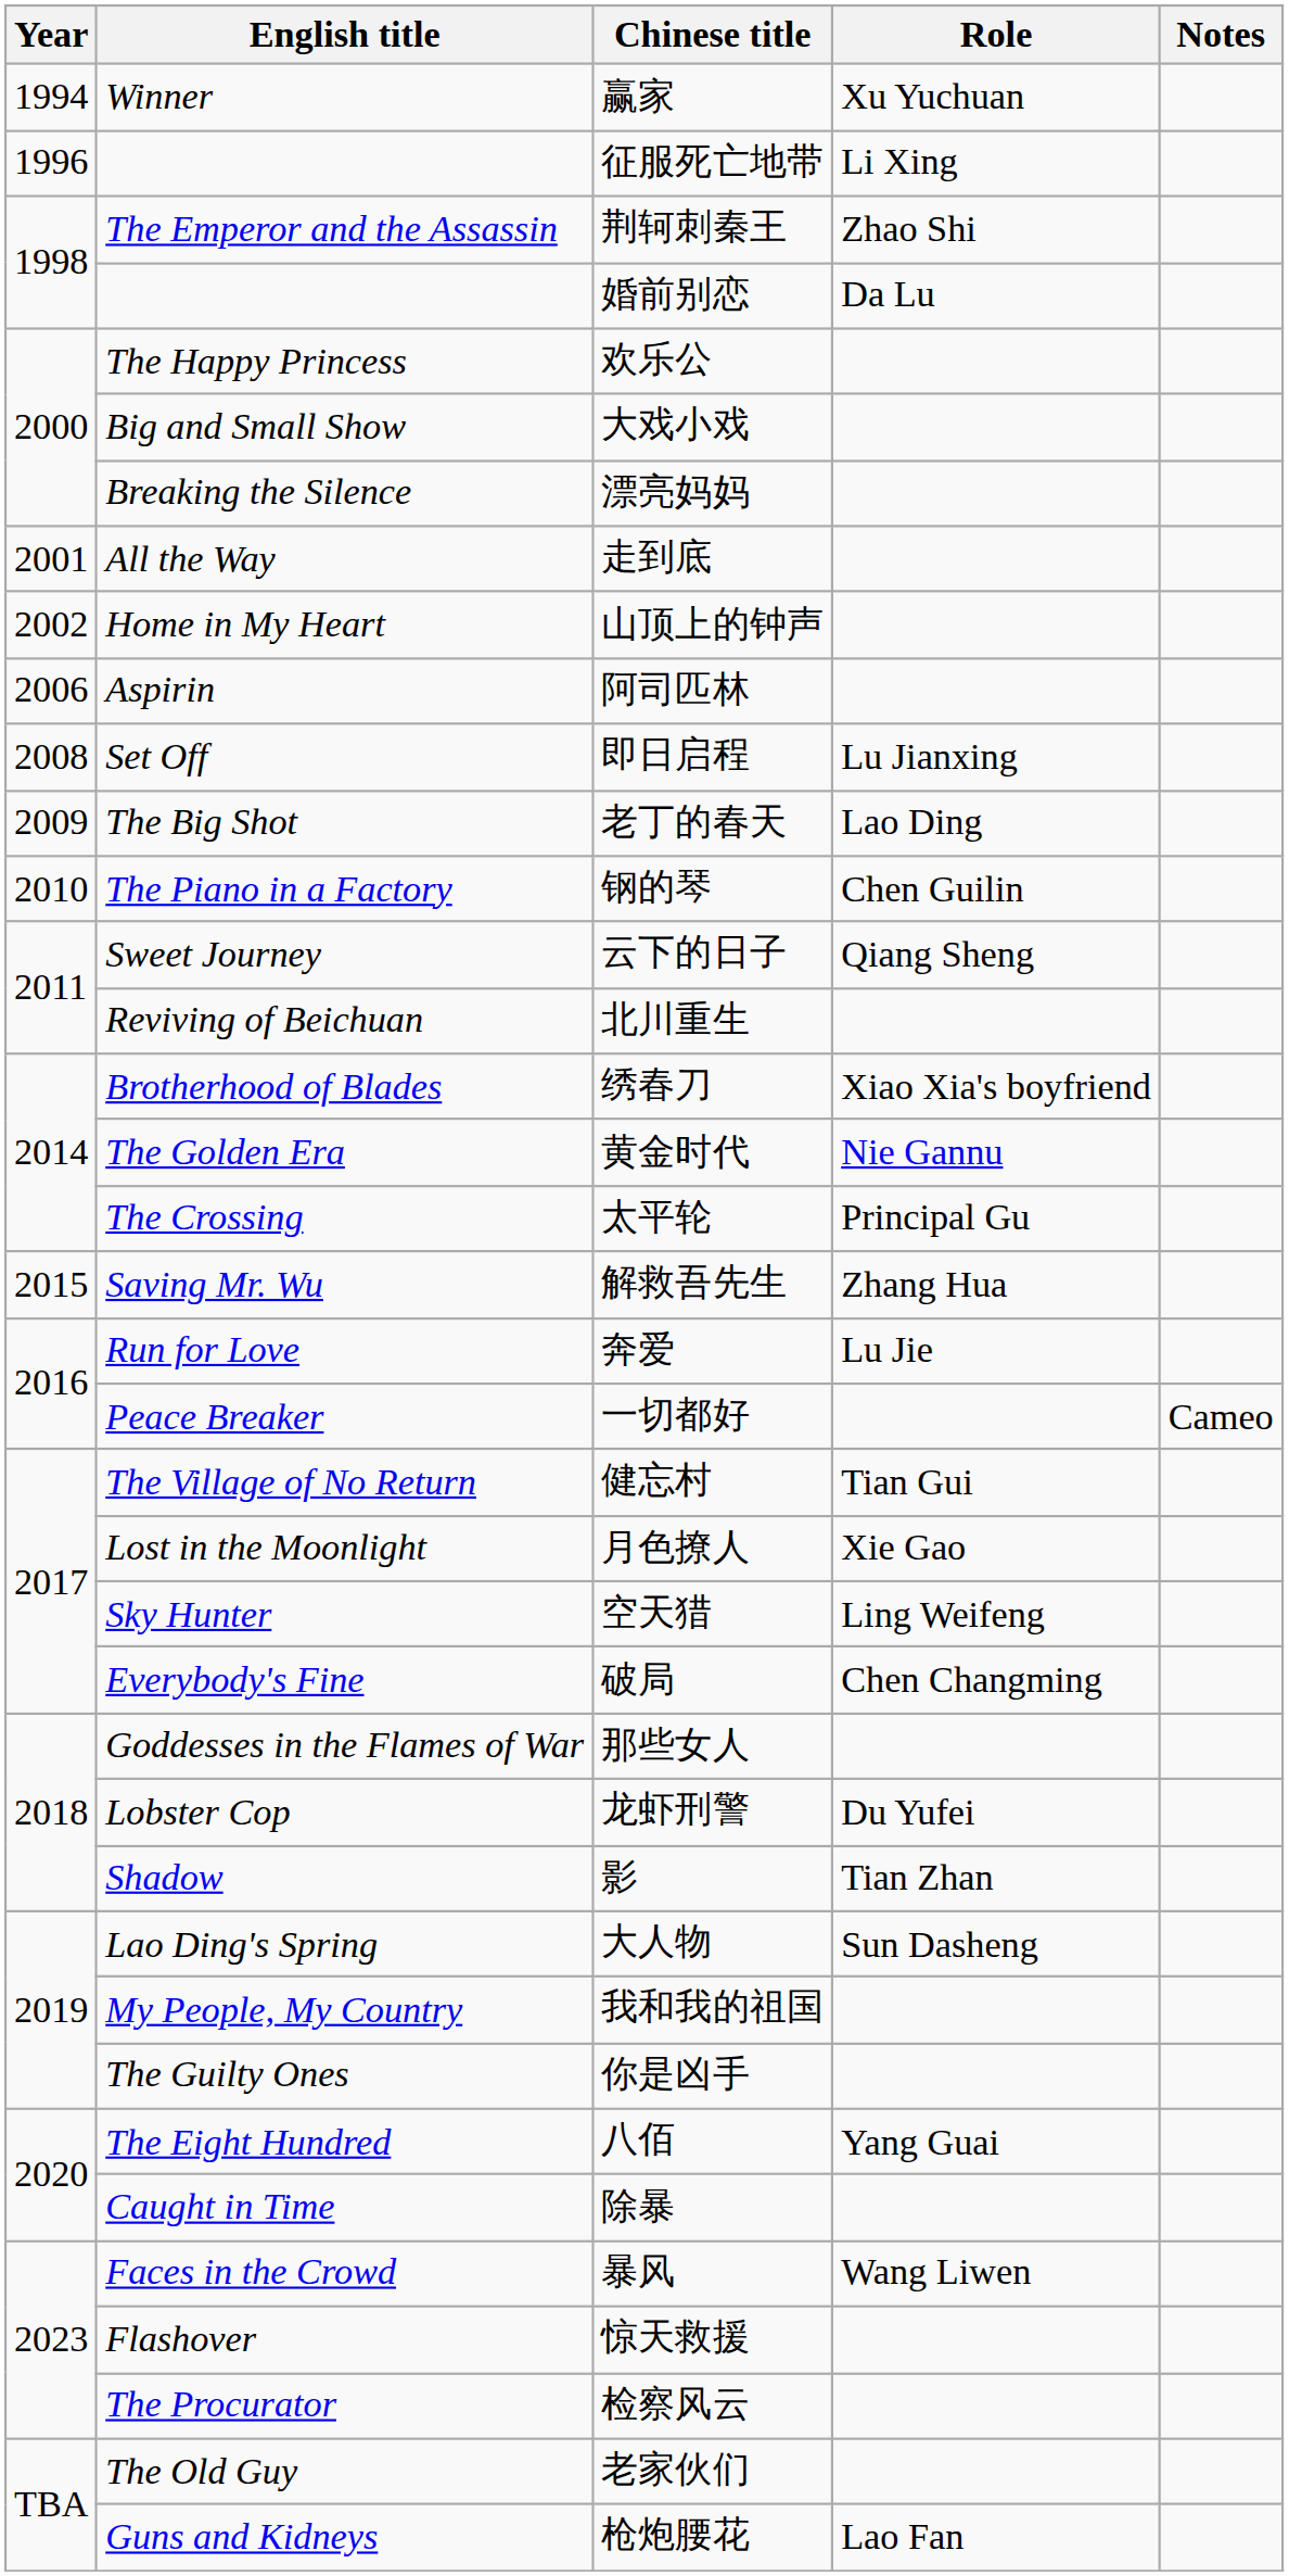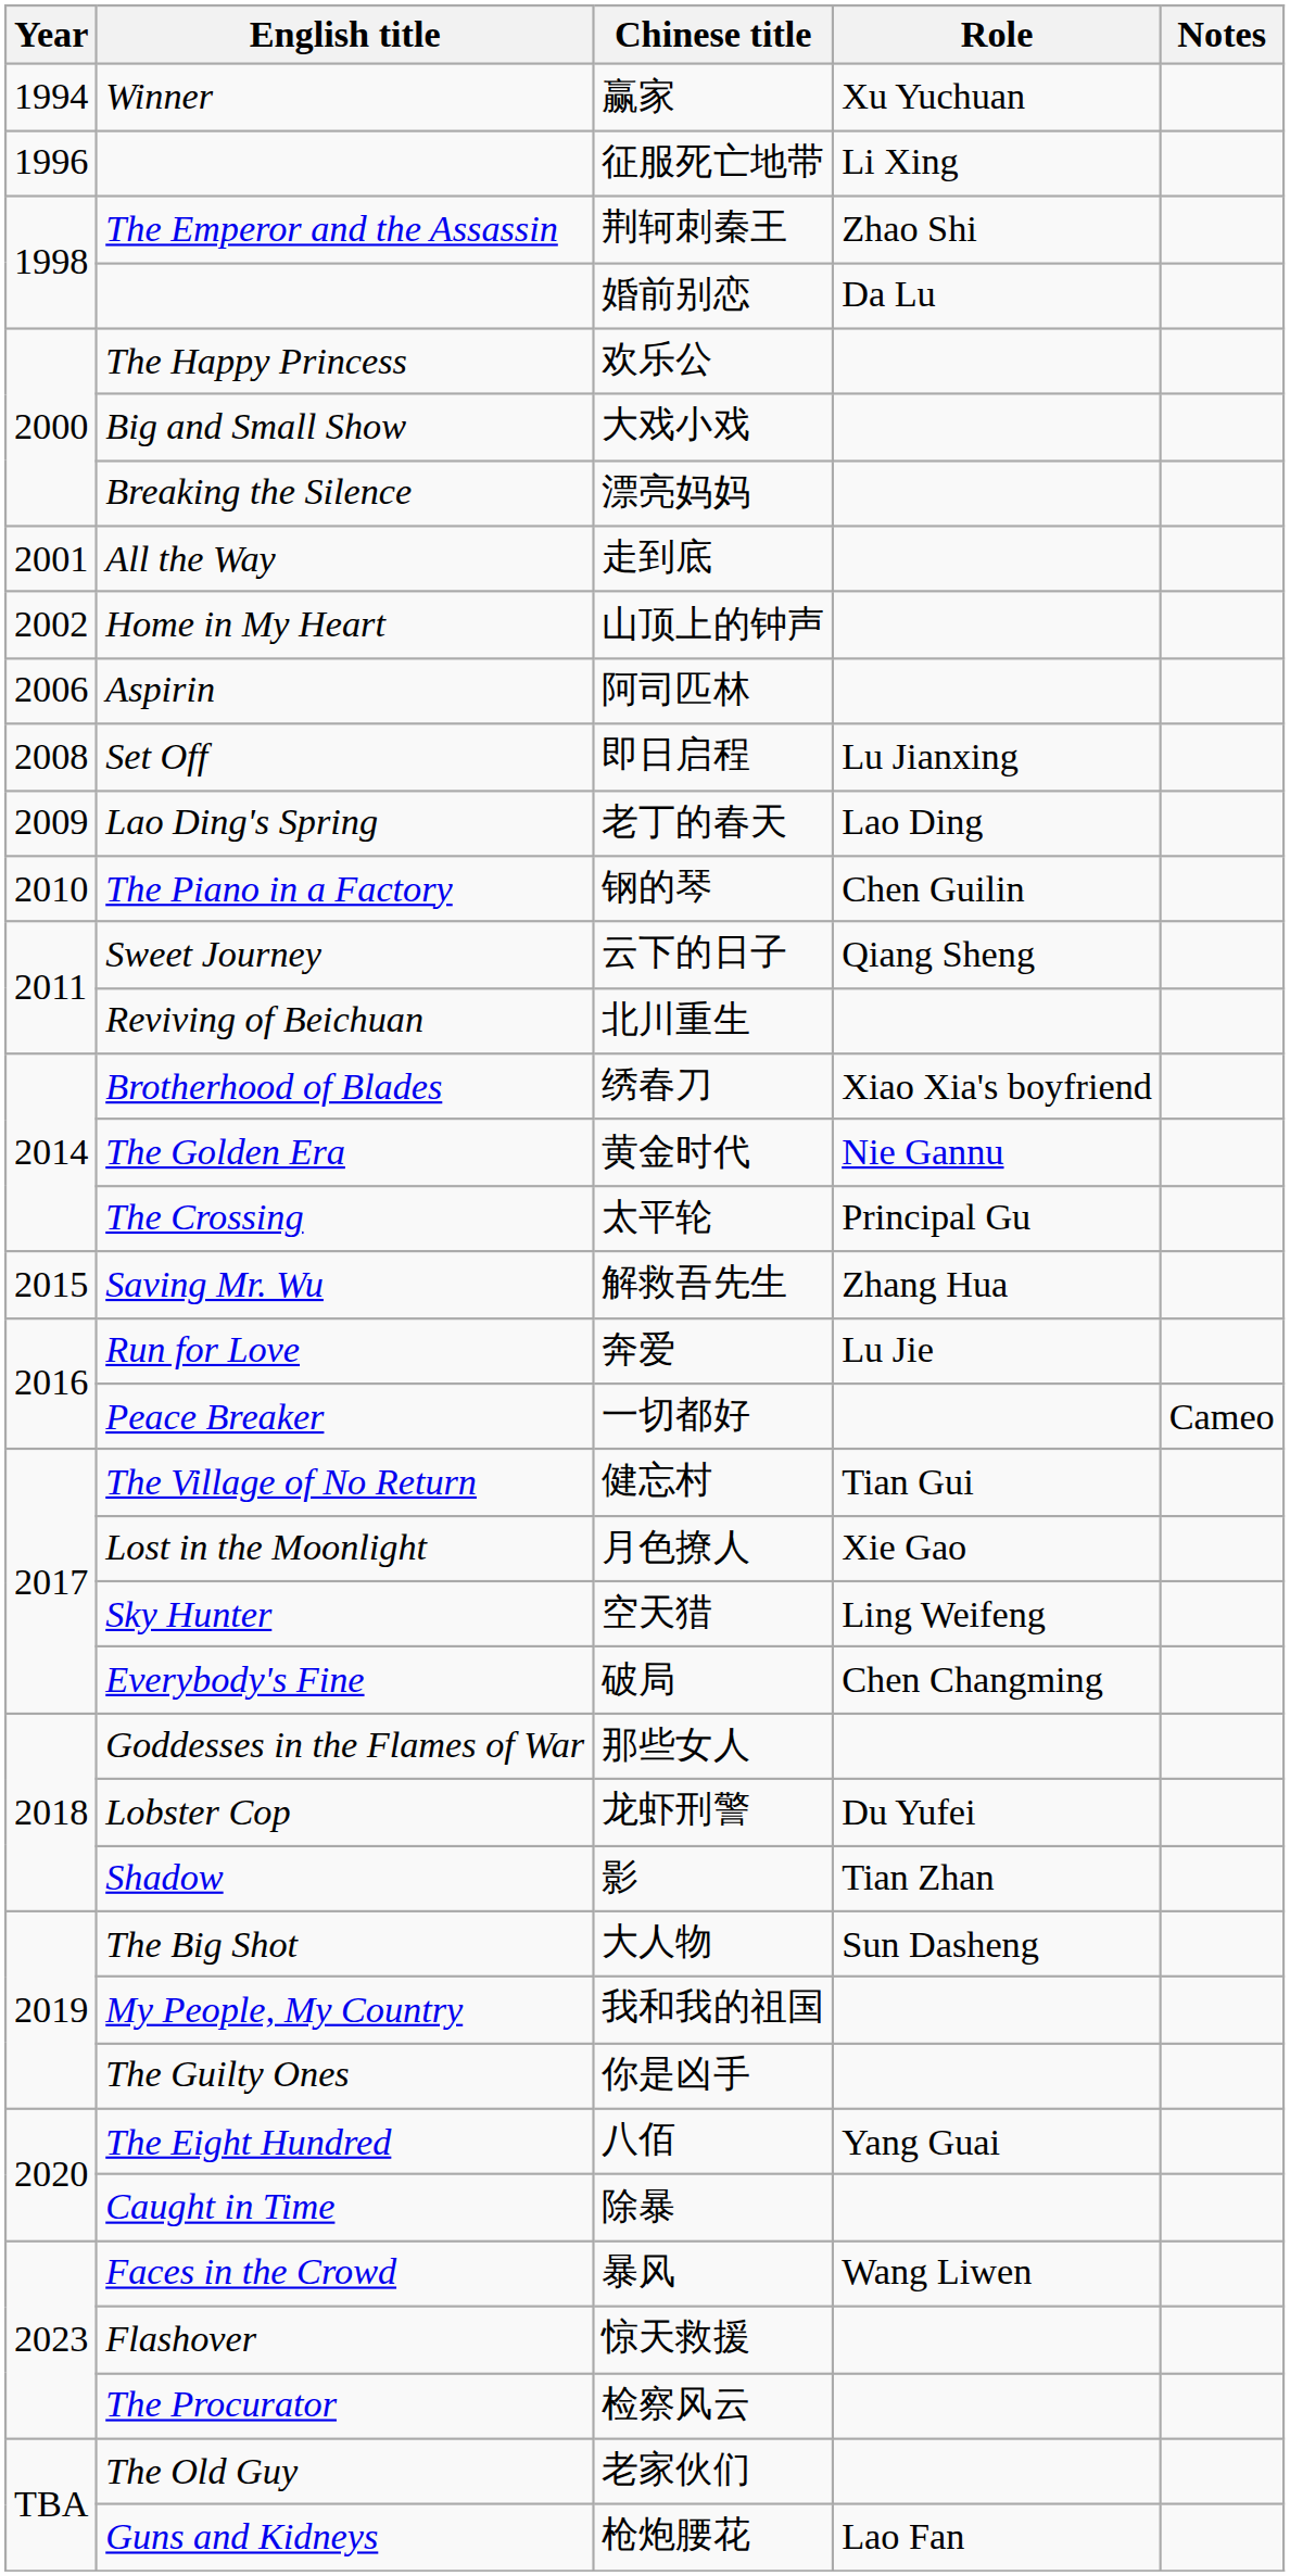 <table class="wikitable sortable">
 <tr>
 <th>Year</th>
 <th>English title</th>
 <th>Chinese title</th>
 <th>Role</th>
 <th>Notes</th>
 </tr>
 <tr>
 <td>1994</td>
 <td><em>Winner</em></td>
 <td>赢家</td>
 <td>Xu Yuchuan</td>
 <td></td>
 </tr>
 <tr>
 <td>1996</td>
 <td></td>
 <td>征服死亡地带</td>
 <td>Li Xing</td>
 <td></td>
 </tr>
 <tr>
 <td rowspan=2>1998</td>
 <td><em><a href='#'>The Emperor and the Assassin</a></em></td>
 <td>荆轲刺秦王</td>
 <td>Zhao Shi</td>
 <td></td>
 </tr>
 <tr>
 <td></td>
 <td>婚前别恋</td>
 <td>Da Lu</td>
 <td></td>
 </tr>
 <tr>
 <td rowspan=3>2000</td>
 <td><em>The Happy Princess</em></td>
 <td>欢乐公</td>
 <td></td>
 <td></td>
 </tr>
 <tr>
 <td><em>Big and Small Show</em></td>
 <td>大戏小戏</td>
 <td></td>
 <td></td>
 </tr>
 <tr>
 <td><em>Breaking the Silence</em></td>
 <td>漂亮妈妈</td>
 <td></td>
 <td></td>
 </tr>
 <tr>
 <td>2001</td>
 <td><em>All the Way</em></td>
 <td>走到底</td>
 <td></td>
 <td></td>
 </tr>
 <tr>
 <td>2002</td>
 <td><em>Home in My Heart</em></td>
 <td>山顶上的钟声</td>
 <td></td>
 <td></td>
 </tr>
 <tr>
 <td>2006</td>
 <td><em>Aspirin</em></td>
 <td>阿司匹林</td>
 <td></td>
 <td></td>
 </tr>
 <tr>
 <td>2008</td>
 <td><em>Set Off</em></td>
 <td>即日启程</td>
 <td>Lu Jianxing</td>
 <td></td>
 </tr>
 <tr>
 <td>2009</td>
-<td><em>The Big Shot</em></td>
+<td><em>Lao Ding's Spring</em></td>
 <td>老丁的春天</td>
 <td>Lao Ding</td>
 <td></td>
 </tr>
 <tr>
 <td>2010</td>
 <td><em><a href='#'>The Piano in a Factory</a></em></td>
 <td>钢的琴</td>
 <td>Chen Guilin</td>
 <td></td>
 </tr>
 <tr>
 <td rowspan=2>2011</td>
 <td><em>Sweet Journey</em></td>
 <td>云下的日子</td>
 <td>Qiang Sheng</td>
 <td></td>
 </tr>
 <tr>
 <td><em>Reviving of Beichuan</em></td>
 <td>北川重生</td>
 <td></td>
 <td></td>
 </tr>
 <tr>
 <td rowspan=3>2014</td>
 <td><em><a href='#'>Brotherhood of Blades</a></em></td>
 <td>绣春刀</td>
 <td>Xiao Xia's boyfriend</td>
 <td></td>
 </tr>
 <tr>
 <td><em><a href='#'>The Golden Era</a></em></td>
 <td>黄金时代</td>
 <td><a href='#'>Nie Gannu</a></td>
 <td></td>
 </tr>
 <tr>
 <td><em><a href='#'>The Crossing</a></em></td>
 <td>太平轮</td>
 <td>Principal Gu</td>
 <td></td>
 </tr>
 <tr>
 <td>2015</td>
 <td><em><a href='#'>Saving Mr. Wu</a></em></td>
 <td>解救吾先生</td>
 <td>Zhang Hua</td>
 <td></td>
 </tr>
 <tr>
 <td rowspan=2>2016</td>
 <td><em><a href='#'>Run for Love</a></em></td>
 <td>奔爱</td>
 <td>Lu Jie</td>
 <td></td>
 </tr>
 <tr>
 <td><em><a href='#'>Peace Breaker</a></em></td>
 <td>一切都好</td>
 <td></td>
 <td>Cameo</td>
 </tr>
 <tr>
 <td rowspan=4>2017</td>
 <td><em><a href='#'>The Village of No Return</a></em></td>
 <td>健忘村</td>
 <td>Tian Gui</td>
 <td></td>
 </tr>
 <tr>
 <td><em>Lost in the Moonlight</em></td>
 <td>月色撩人</td>
 <td>Xie Gao</td>
 <td></td>
 </tr>
 <tr>
 <td><em><a href='#'>Sky Hunter</a></em></td>
 <td>空天猎</td>
 <td>Ling Weifeng</td>
 <td></td>
 </tr>
 <tr>
 <td><em><a href='#'>Everybody's Fine</a></em></td>
 <td>破局</td>
 <td>Chen Changming</td>
 <td></td>
 </tr>
 <tr>
 <td rowspan=3>2018</td>
 <td><em>Goddesses in the Flames of War</em></td>
 <td>那些女人</td>
 <td></td>
 <td></td>
 </tr>
 <tr>
 <td><em>Lobster Cop</em></td>
 <td>龙虾刑警</td>
 <td>Du Yufei</td>
 <td></td>
 </tr>
 <tr>
 <td><em><a href='#'>Shadow</a></em></td>
 <td>影</td>
 <td>Tian Zhan</td>
 <td></td>
 </tr>
 <tr>
 <td rowspan=3>2019</td>
-<td><em>Lao Ding's Spring</em></td>
+<td><em>The Big Shot</em></td>
 <td>大人物</td>
 <td>Sun Dasheng</td>
 <td></td>
 </tr>
 <tr>
 <td><em><a href='#'>My People, My Country</a></em></td>
 <td>我和我的祖国</td>
 <td></td>
 <td></td>
 </tr>
 <tr>
 <td><em>The Guilty Ones</em></td>
 <td>你是凶手</td>
 <td></td>
 <td></td>
 </tr>
 <tr>
 <td rowspan=2>2020</td>
 <td><em><a href='#'>The Eight Hundred</a></em></td>
 <td>八佰</td>
 <td>Yang Guai</td>
 <td></td>
 </tr>
 <tr>
 <td><em><a href='#'>Caught in Time</a></em></td>
 <td>除暴</td>
 <td></td>
 <td></td>
 </tr>
 <tr>
 <td rowspan=3>2023</td>
 <td><em><a href='#'>Faces in the Crowd</a></em></td>
 <td>暴风</td>
 <td>Wang Liwen</td>
 <td></td>
 </tr>
 <tr>
 <td><em>Flashover</em></td>
 <td>惊天救援</td>
 <td></td>
 <td></td>
 </tr>
 <tr>
 <td><em><a href='#'>The Procurator</a></em></td>
 <td>检察风云</td>
 <td></td>
 <td></td>
 </tr>
 <tr>
 <td rowspan=2>TBA</td>
 <td><em> The Old Guy</em></td>
 <td>老家伙们</td>
 <td></td>
 <td></td>
 </tr>
 <tr>
 <td><em><a href='#'>Guns and Kidneys</a></em></td>
 <td>枪炮腰花</td>
 <td>Lao Fan</td>
 <td></td>
 </tr>
 <tr>
 </tr>
 </table>
